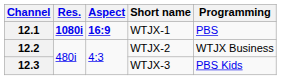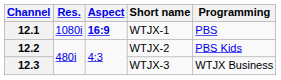 <table class="wikitable">
 <tr>
 <th><a href='#'>Channel</a></th>
 <th><a href='#'>Res.</a></th>
 <th><a href='#'>Aspect</a></th>
 <th>Short name</th>
 <th>Programming</th>
 </tr>
 <tr>
 <th scope = "row">12.1</th>
-<td><strong><a href='#'>1080i</a></strong></td>
+<td><a href='#'>1080i</a></td>
 <td><strong><a href='#'>16:9</a></strong></td>
 <td>WTJX-1</td>
 <td><a href='#'>PBS</a></td>
 </tr>
 <tr>
 <th scope = "row">12.2</th>
 <td rowspan=2><a href='#'>480i</a></td>
 <td rowspan=2><a href='#'>4:3</a></td>
 <td>WTJX-2</td>
-<td>WTJX Business</td>
+<td><a href='#'>PBS Kids</a></td>
 </tr>
 <tr>
 <th scope = "row">12.3</th>
 <td>WTJX-3</td>
-<td><a href='#'>PBS Kids</a></td>
+<td>WTJX Business</td>
 </tr>
 </table>
